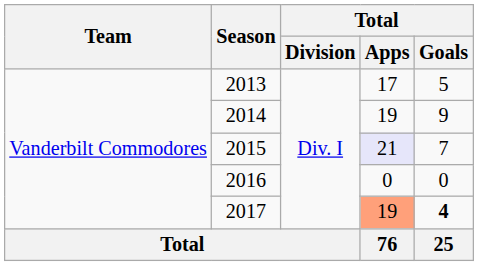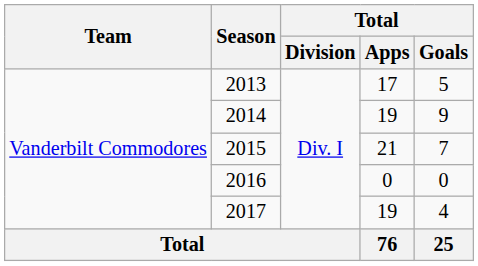 <table class="wikitable" style="text-align: center;">
 <tr>
 <th rowspan="2">Team</th>
 <th rowspan="2">Season</th>
 <th colspan="3">Total</th>
 </tr>
 <tr>
 <th>Division</th>
 <th>Apps</th>
 <th>Goals</th>
 </tr>
 <tr>
 <td rowspan="5"><a href='#'>Vanderbilt Commodores</a></td>
 <td>2013</td>
 <td rowspan="5"><a href='#'>Div. I</a></td>
 <td>17</td>
 <td>5</td>
 </tr>
 <tr>
 <td>2014</td>
 <td>19</td>
 <td>9</td>
 </tr>
 <tr>
 <td>2015</td>
-<td style="background: lavender;">21</td>
+<td>21</td>
 <td>7</td>
 </tr>
 <tr>
 <td>2016</td>
 <td>0</td>
 <td>0</td>
 </tr>
 <tr>
 <td>2017</td>
-<td style="background: lightsalmon;">19</td>
-<td><strong>4</strong></td>
+<td>19</td>
+<td>4</td>
 </tr>
 <tr>
 <th colspan="3">Total</th>
 <th>76</th>
 <th>25</th>
 </tr>
 </table>
